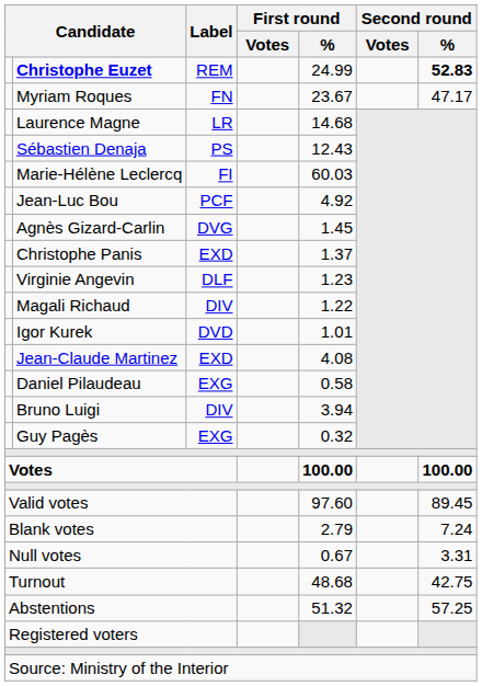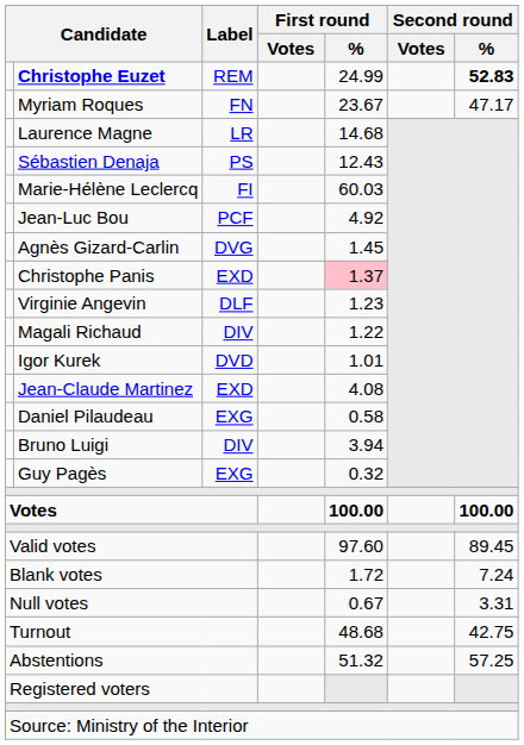 <table class="wikitable" style="text-align:right;font-size:95%;">
 <tr>
 <th rowspan="2" colspan="2">Candidate</th>
 <th rowspan="2">Label</th>
 <th colspan="2">First round</th>
 <th colspan="2">Second round</th>
 </tr>
 <tr>
 <th style="width:50px;">Votes</th>
 <th style="width:45px;">%</th>
 <th style="width:50px;">Votes</th>
 <th style="width:45px;">%</th>
 </tr>
 <tr>
 <td style="color:inherit;background:"></td>
 <td style="text-align:left;"><strong><a href='#'>Christophe Euzet</a></strong></td>
 <td><a href='#'>REM</a></td>
 <td></td>
 <td>24.99</td>
 <td><strong></strong></td>
 <td><strong>52.83</strong></td>
 </tr>
 <tr>
 <td style="color:inherit;background:"></td>
 <td style="text-align:left;">Myriam Roques</td>
 <td><a href='#'>FN</a></td>
 <td></td>
 <td>23.67</td>
 <td></td>
 <td>47.17</td>
 </tr>
 <tr>
 <td style="color:inherit;background:"></td>
 <td style="text-align:left;">Laurence Magne</td>
 <td><a href='#'>LR</a></td>
 <td></td>
 <td>14.68</td>
 <td colspan="2" rowspan="13" style="background:#E9E9E9;"></td>
 </tr>
 <tr>
 <td style="color:inherit;background:"></td>
 <td style="text-align:left;"><a href='#'>Sébastien Denaja</a></td>
 <td><a href='#'>PS</a></td>
 <td></td>
 <td>12.43</td>
 </tr>
 <tr>
 <td style="color:inherit;background:"></td>
 <td style="text-align:left;">Marie-Hélène Leclercq</td>
 <td><a href='#'>FI</a></td>
 <td></td>
 <td>60.03</td>
 </tr>
 <tr>
 <td style="color:inherit;background:"></td>
 <td style="text-align:left;">Jean-Luc Bou</td>
 <td><a href='#'>PCF</a></td>
 <td></td>
 <td>4.92</td>
 </tr>
 <tr>
 <td style="color:inherit;background:"></td>
 <td style="text-align:left;">Agnès Gizard-Carlin</td>
 <td><a href='#'>DVG</a></td>
 <td></td>
 <td>1.45</td>
 </tr>
 <tr>
 <td style="color:inherit;background:"></td>
 <td style="text-align:left;">Christophe Panis</td>
 <td><a href='#'>EXD</a></td>
 <td></td>
-<td>1.37</td>
+<td style="background: pink;">1.37</td>
 </tr>
 <tr>
 <td style="color:inherit;background:"></td>
 <td style="text-align:left;">Virginie Angevin</td>
 <td><a href='#'>DLF</a></td>
 <td></td>
 <td>1.23</td>
 </tr>
 <tr>
 <td style="color:inherit;background:"></td>
 <td style="text-align:left;">Magali Richaud</td>
 <td><a href='#'>DIV</a></td>
 <td></td>
 <td>1.22</td>
 </tr>
 <tr>
 <td style="color:inherit;background:"></td>
 <td style="text-align:left;">Igor Kurek</td>
 <td><a href='#'>DVD</a></td>
 <td></td>
 <td>1.01</td>
 </tr>
 <tr>
 <td style="color:inherit;background:"></td>
 <td style="text-align:left;"><a href='#'>Jean-Claude Martinez</a></td>
 <td><a href='#'>EXD</a></td>
 <td></td>
 <td>4.08</td>
 </tr>
 <tr>
 <td style="color:inherit;background:"></td>
 <td style="text-align:left;">Daniel Pilaudeau</td>
 <td><a href='#'>EXG</a></td>
 <td></td>
 <td>0.58</td>
 </tr>
 <tr>
 <td style="color:inherit;background:"></td>
 <td style="text-align:left;">Bruno Luigi</td>
 <td><a href='#'>DIV</a></td>
 <td></td>
 <td>3.94</td>
 </tr>
 <tr>
 <td style="color:inherit;background:"></td>
 <td style="text-align:left;">Guy Pagès</td>
 <td><a href='#'>EXG</a></td>
 <td></td>
 <td>0.32</td>
 </tr>
 <tr>
 <td colspan="7" style="background:#E9E9E9;"></td>
 </tr>
 <tr style="font-weight:bold;">
 <td colspan="3" style="text-align:left;">Votes</td>
 <td></td>
 <td>100.00</td>
 <td></td>
 <td>100.00</td>
 </tr>
 <tr>
 <td colspan="7" style="background:#E9E9E9;"></td>
 </tr>
 <tr>
 <td colspan="3" style="text-align:left;">Valid votes</td>
 <td></td>
 <td>97.60</td>
 <td></td>
 <td>89.45</td>
 </tr>
 <tr>
 <td colspan="3" style="text-align:left;">Blank votes</td>
 <td></td>
-<td>2.79</td>
+<td>1.72</td>
 <td></td>
 <td>7.24</td>
 </tr>
 <tr>
 <td colspan="3" style="text-align:left;">Null votes</td>
 <td></td>
 <td>0.67</td>
 <td></td>
 <td>3.31</td>
 </tr>
 <tr>
 <td colspan="3" style="text-align:left;">Turnout</td>
 <td></td>
 <td>48.68</td>
 <td></td>
 <td>42.75</td>
 </tr>
 <tr>
 <td colspan="3" style="text-align:left;">Abstentions</td>
 <td></td>
 <td>51.32</td>
 <td></td>
 <td>57.25</td>
 </tr>
 <tr>
 <td colspan="3" style="text-align:left;">Registered voters</td>
 <td></td>
 <td style="color:inherit;background:#E9E9E9;"></td>
 <td></td>
 <td style="color:inherit;background:#E9E9E9;"></td>
 </tr>
 <tr>
 <td colspan="7" style="background:#E9E9E9;"></td>
 </tr>
 <tr>
 <td colspan="7" style="text-align:left;">Source: Ministry of the Interior<br></td>
 </tr>
 </table>
